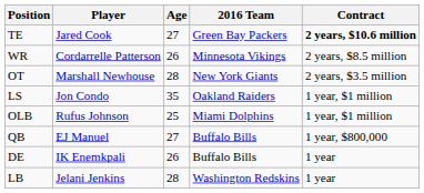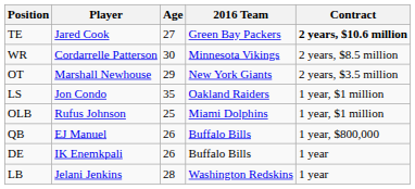 <table class="wikitable" style="font-size: 95%; text-align: left">
 <tr>
 <th>Position</th>
 <th>Player</th>
 <th>Age</th>
 <th>2016 Team</th>
 <th>Contract</th>
 </tr>
 <tr>
 <td>TE</td>
 <td><a href='#'>Jared Cook</a></td>
 <td>27</td>
 <td><a href='#'>Green Bay Packers</a></td>
 <td><strong>2 years, $10.6 million</strong></td>
 </tr>
 <tr>
 <td>WR</td>
 <td><a href='#'>Cordarrelle Patterson</a></td>
-<td>26</td>
+<td>30</td>
 <td><a href='#'>Minnesota Vikings</a></td>
 <td>2 years, $8.5 million</td>
 </tr>
 <tr>
 <td>OT</td>
 <td><a href='#'>Marshall Newhouse</a></td>
-<td>28</td>
+<td>29</td>
 <td><a href='#'>New York Giants</a></td>
 <td>2 years, $3.5 million</td>
 </tr>
 <tr>
 <td>LS</td>
 <td><a href='#'>Jon Condo</a></td>
 <td>35</td>
 <td><a href='#'>Oakland Raiders</a></td>
 <td>1 year, $1 million</td>
 </tr>
 <tr>
 <td>OLB</td>
 <td><a href='#'>Rufus Johnson</a></td>
 <td>25</td>
 <td><a href='#'>Miami Dolphins</a></td>
 <td>1 year, $1 million</td>
 </tr>
 <tr>
 <td>QB</td>
 <td><a href='#'>EJ Manuel</a></td>
-<td>27</td>
+<td>26</td>
 <td><a href='#'>Buffalo Bills</a></td>
 <td>1 year, $800,000</td>
 </tr>
 <tr>
 <td>DE</td>
 <td><a href='#'>IK Enemkpali</a></td>
 <td>26</td>
 <td>Buffalo Bills</td>
 <td>1 year</td>
 </tr>
 <tr>
 <td>LB</td>
 <td><a href='#'>Jelani Jenkins</a></td>
 <td>28</td>
 <td><a href='#'>Washington Redskins</a></td>
 <td>1 year</td>
 </tr>
 </table>
